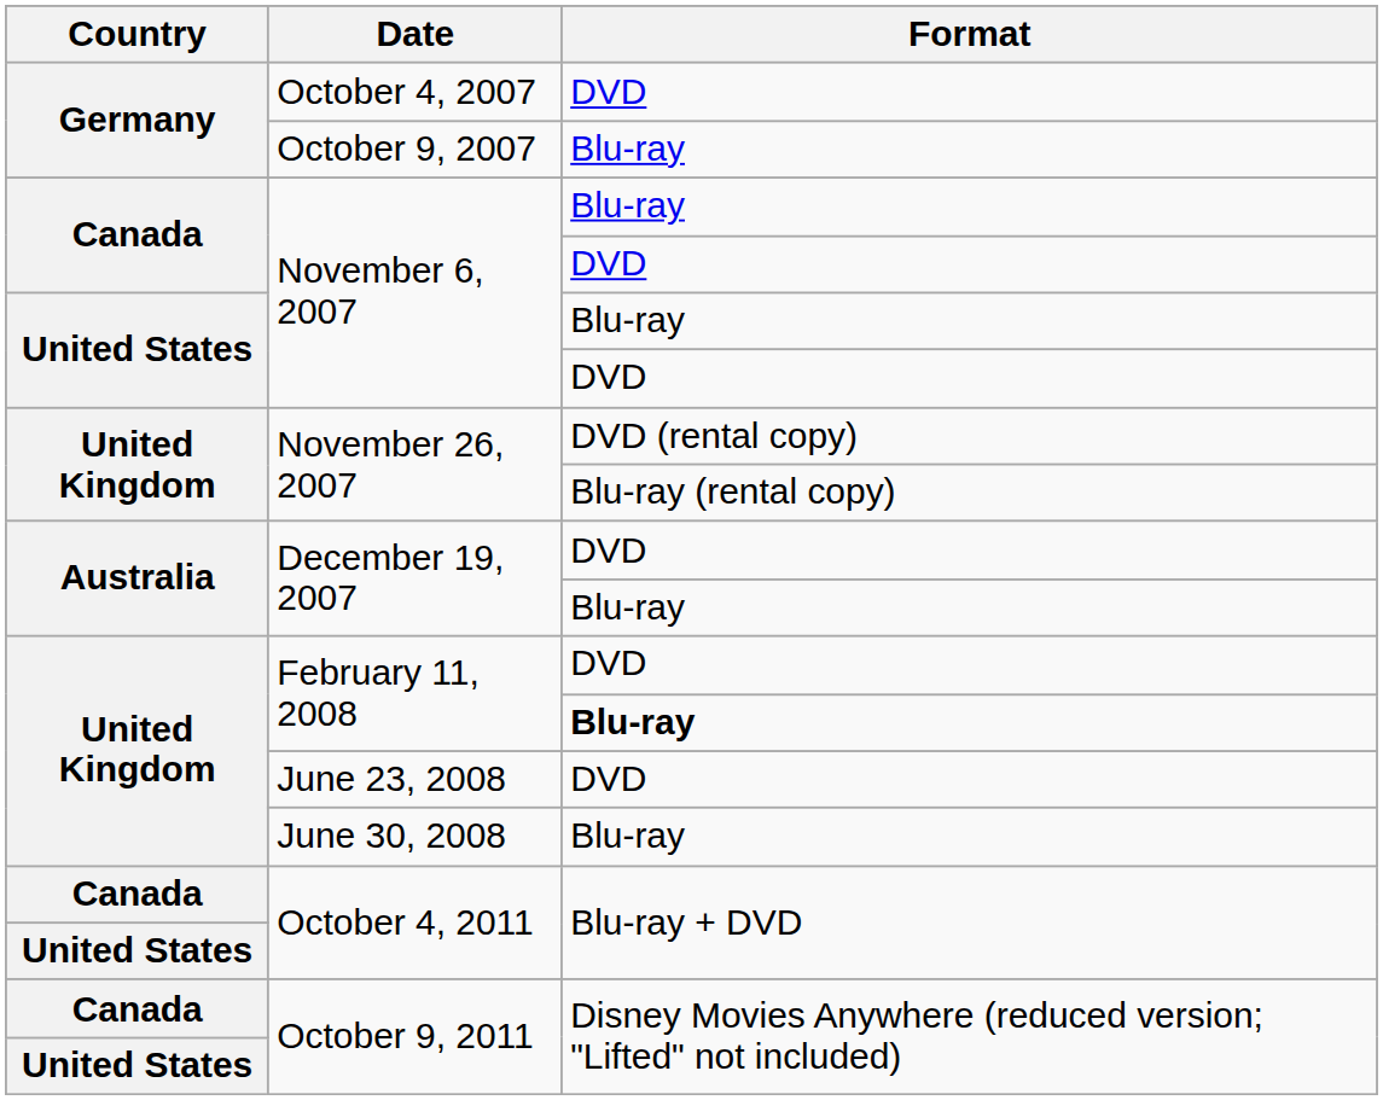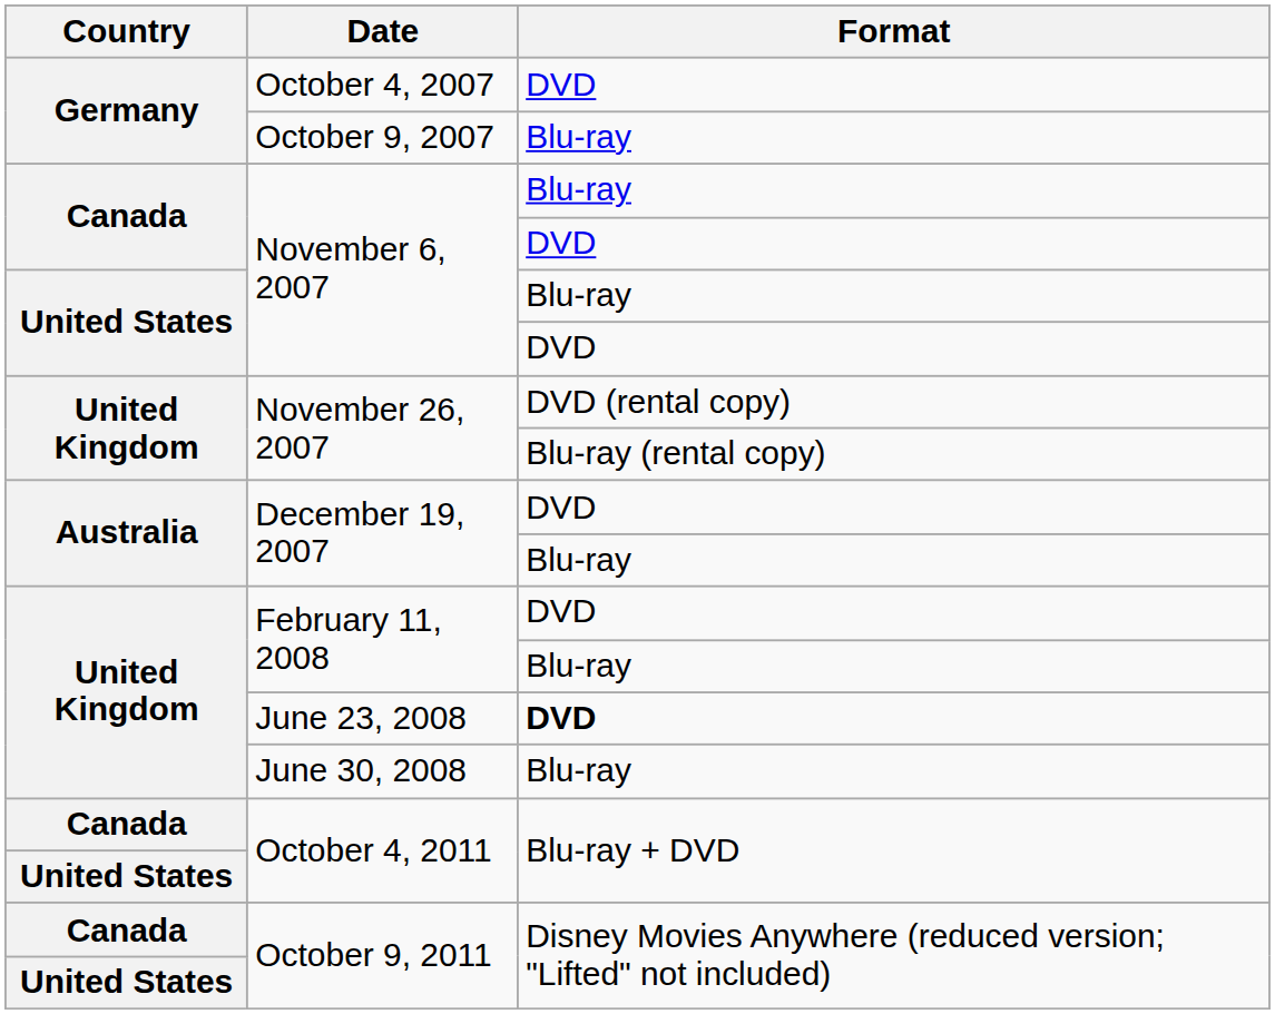 <table class="wikitable plainrowheaders">
 <tr>
 <th>Country</th>
 <th>Date</th>
 <th>Format</th>
 </tr>
 <tr>
 <th scope="row" rowspan="2">Germany</th>
 <td>October 4, 2007</td>
 <td><a href='#'>DVD</a></td>
 </tr>
 <tr>
 <td>October 9, 2007</td>
 <td><a href='#'>Blu-ray</a></td>
 </tr>
 <tr>
 <th scope="row" rowspan="2">Canada</th>
 <td rowspan="4">November 6, 2007</td>
 <td><a href='#'>Blu-ray</a></td>
 </tr>
 <tr>
 <td><a href='#'>DVD</a></td>
 </tr>
 <tr>
 <th scope="row" rowspan="2">United States</th>
 <td>Blu-ray</td>
 </tr>
 <tr>
 <td>DVD</td>
 </tr>
 <tr>
 <th scope="row" rowspan="2">United Kingdom</th>
 <td rowspan="2">November 26, 2007</td>
 <td>DVD (rental copy)</td>
 </tr>
 <tr>
 <td>Blu-ray (rental copy)</td>
 </tr>
 <tr>
 <th scope="row" rowspan="2">Australia</th>
 <td rowspan="2">December 19, 2007</td>
 <td>DVD</td>
 </tr>
 <tr>
 <td>Blu-ray</td>
 </tr>
 <tr>
 <th scope="row" rowspan="4">United Kingdom</th>
 <td rowspan="2">February 11, 2008</td>
 <td>DVD</td>
 </tr>
 <tr>
-<td><strong>Blu-ray</strong></td>
+<td>Blu-ray</td>
 </tr>
 <tr>
 <td>June 23, 2008</td>
-<td>DVD</td>
+<td><strong>DVD</strong></td>
 </tr>
 <tr>
 <td>June 30, 2008</td>
 <td>Blu-ray</td>
 </tr>
 <tr>
 <th scope="row">Canada</th>
 <td rowspan="2">October 4, 2011</td>
 <td rowspan="2">Blu-ray + DVD</td>
 </tr>
 <tr>
 <th scope="row">United States</th>
 </tr>
 <tr>
 <th scope="row">Canada</th>
 <td rowspan="2">October 9, 2011</td>
 <td rowspan="2">Disney Movies Anywhere (reduced version; "Lifted" not included)</td>
 </tr>
 <tr>
 <th scope="row">United States</th>
 </tr>
 </table>
